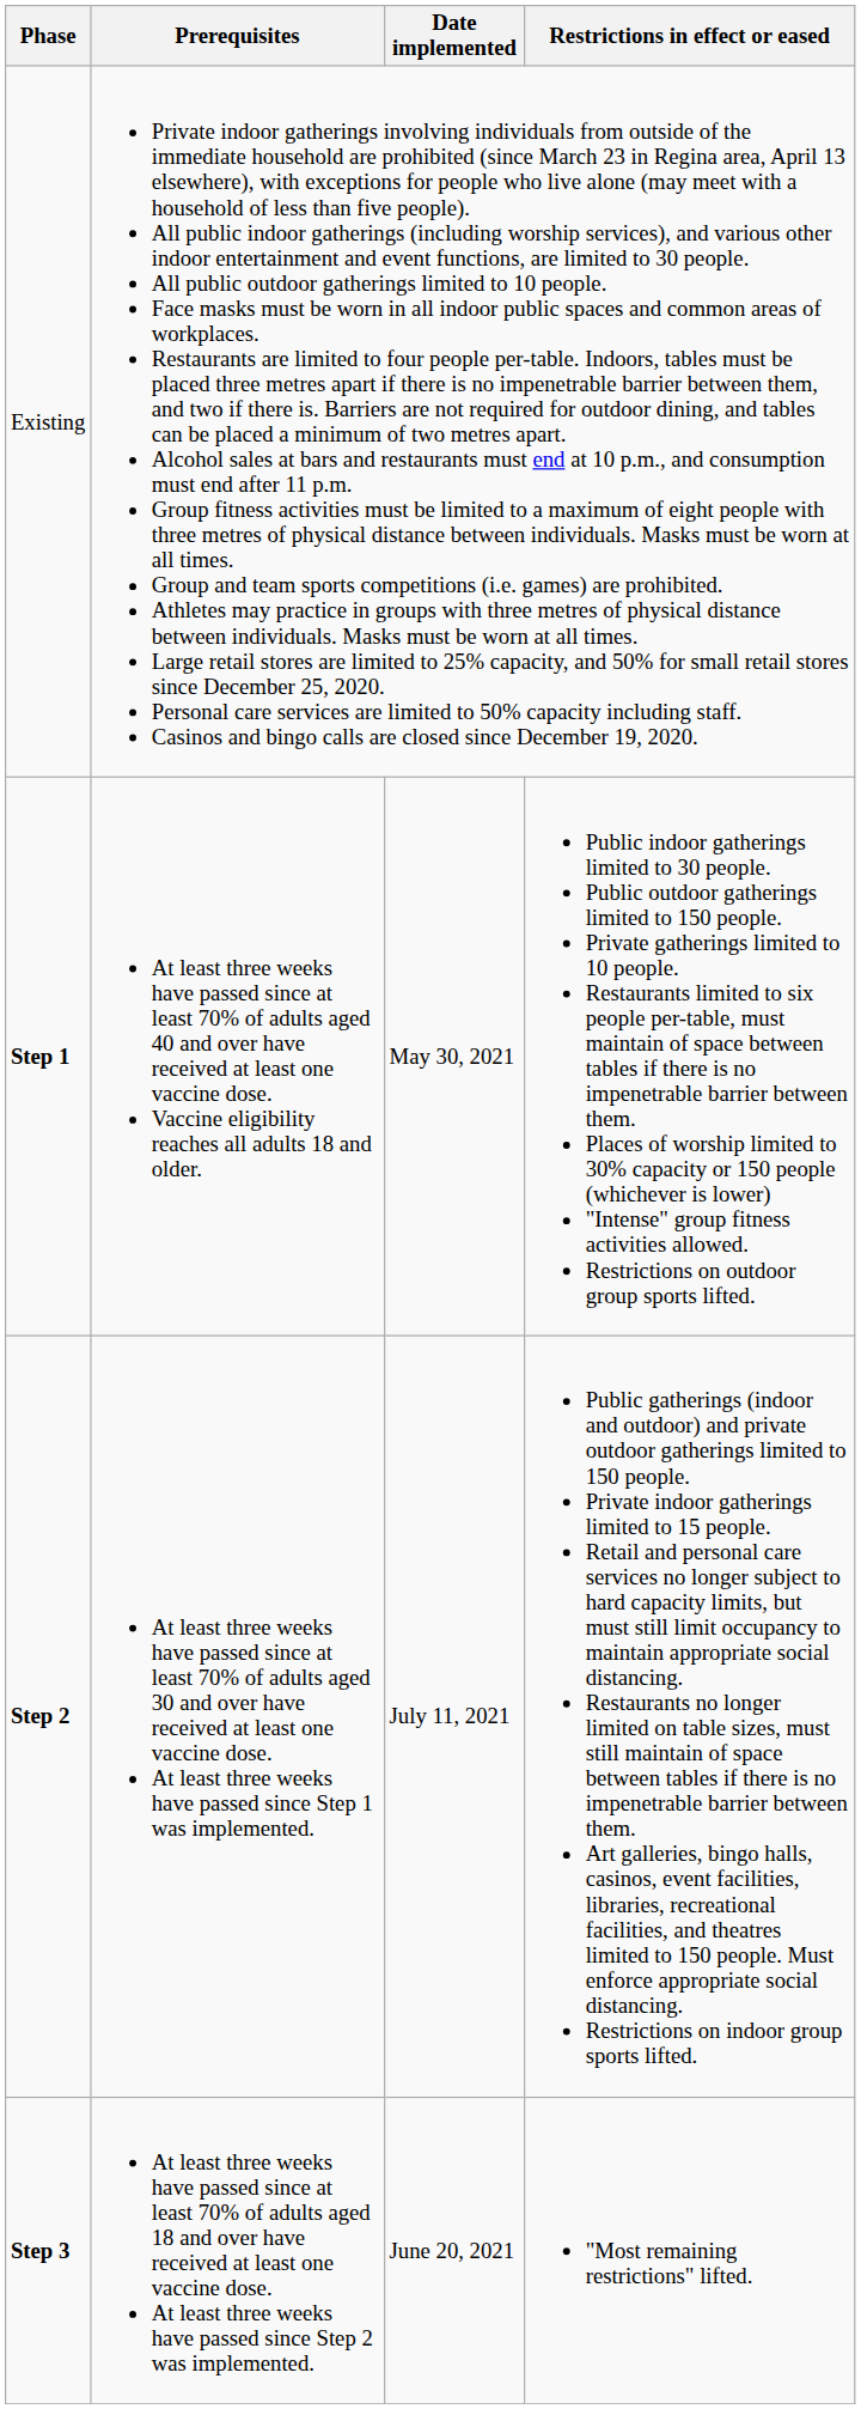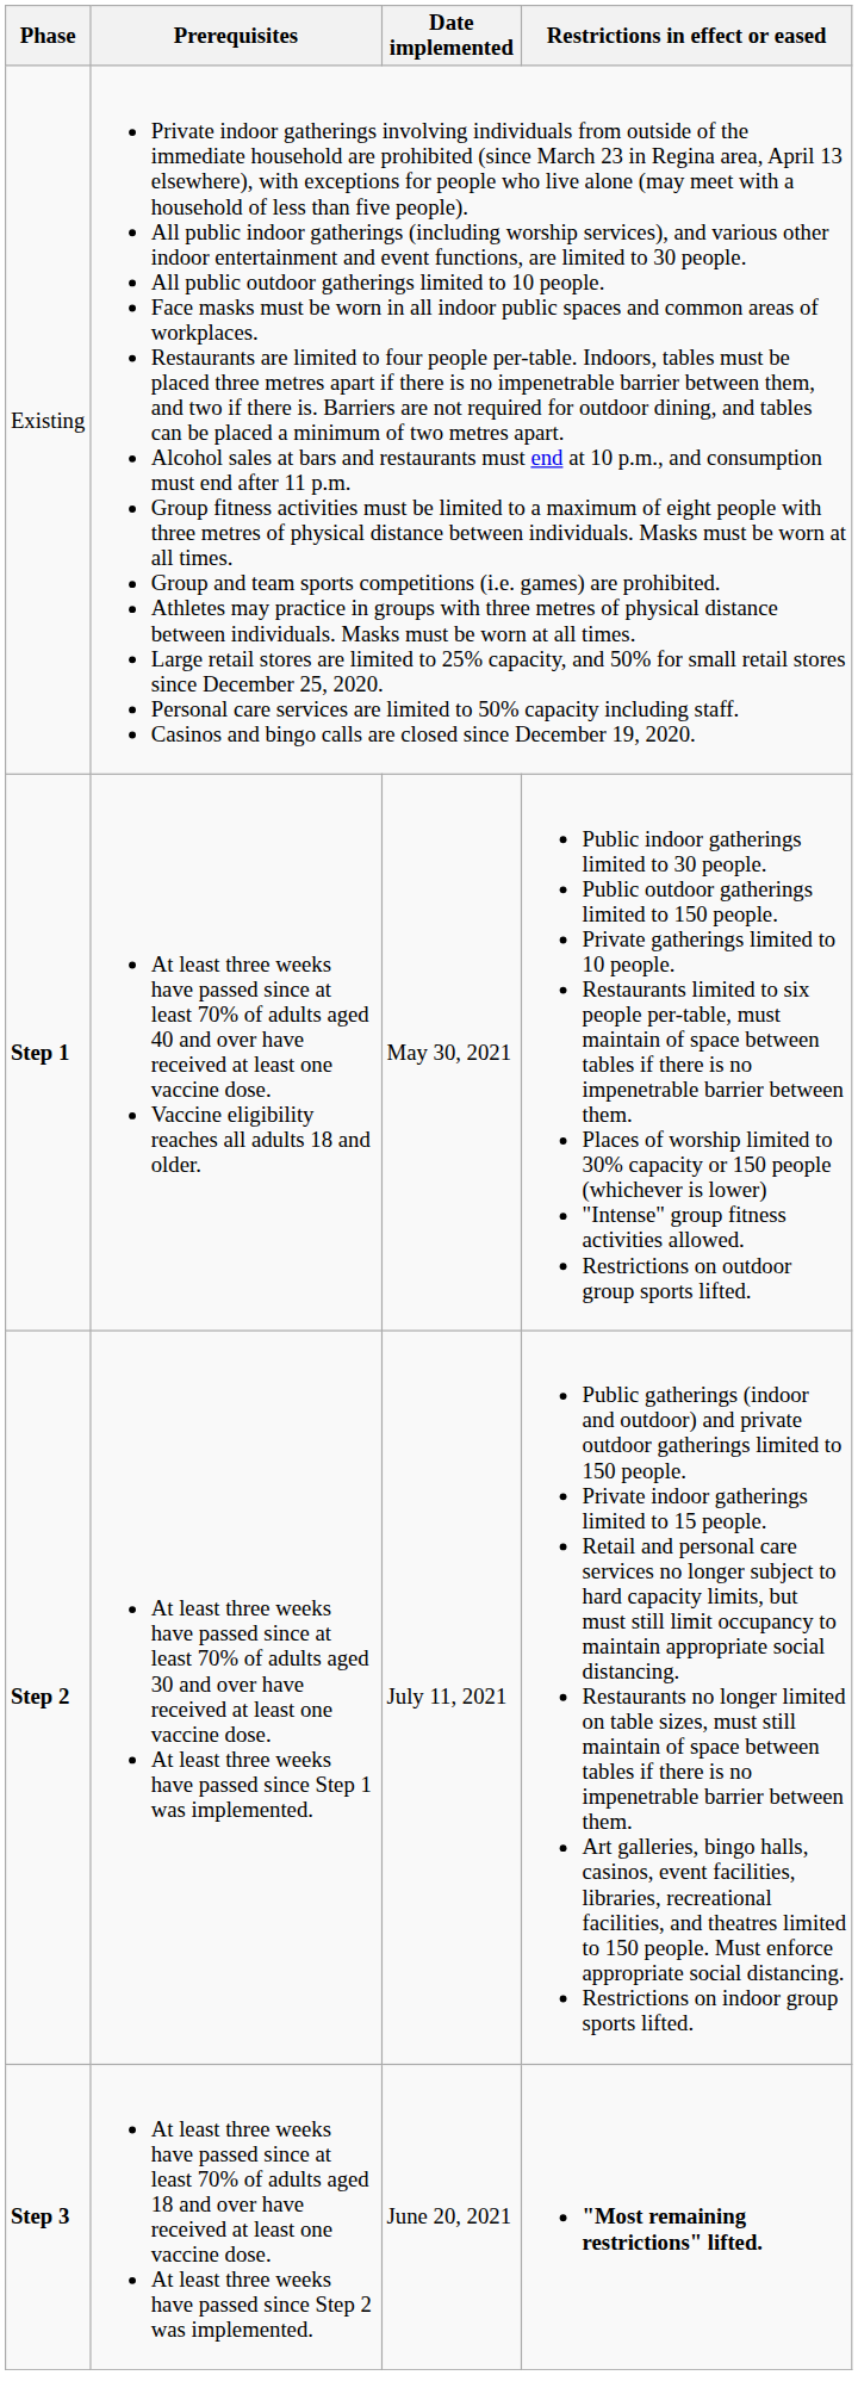 <table class="wikitable">
 <tr>
 <th>Phase</th>
 <th>Prerequisites</th>
 <th>Date implemented</th>
 <th>Restrictions in effect or eased</th>
 </tr>
 <tr>
 <td>Existing</td>
 <td colspan="3"><br><ul><li>Private indoor gatherings involving individuals from outside of the immediate household are prohibited (since March 23 in Regina area, April 13 elsewhere), with exceptions for people who live alone (may meet with a household of less than five people).</li><li>All public indoor gatherings (including worship services),  and various other indoor entertainment and event functions, are limited to 30 people.</li><li>All public outdoor gatherings limited to 10 people.</li><li>Face masks must be worn in all indoor public spaces and common areas of workplaces.</li><li>Restaurants are limited to four people per-table. Indoors, tables must be placed three metres apart if there is no impenetrable barrier between them, and two if there is. Barriers are not required for outdoor dining, and tables can be placed a minimum of two metres apart.</li><li>Alcohol sales at bars and restaurants must <a href='#'>end</a> at 10 p.m., and consumption must end after 11 p.m.</li><li>Group fitness activities must be limited to a maximum of eight people with three metres of physical distance between individuals. Masks must be worn at all times.</li><li>Group and team sports competitions (i.e. games) are prohibited.</li><li>Athletes may practice in groups with three metres of physical distance between individuals. Masks must be worn at all times.</li><li>Large retail stores are limited to 25% capacity, and 50% for small retail stores since December 25, 2020.</li><li>Personal care services are limited to 50% capacity including staff.</li><li>Casinos and bingo calls are closed since December 19, 2020.</li></ul></td>
 </tr>
 <tr>
 <td><strong>Step 1</strong></td>
 <td><br><ul><li>At least three weeks have passed since at least 70% of adults aged 40 and over have received at least one vaccine dose.</li><li>Vaccine eligibility reaches all adults 18 and older.</li></ul></td>
 <td>May 30, 2021</td>
 <td><br><ul><li>Public indoor gatherings limited to 30 people.</li><li>Public outdoor gatherings limited to 150 people.</li><li>Private gatherings limited to 10 people.</li><li>Restaurants limited to six people per-table, must maintain  of space between tables if there is no impenetrable barrier between them.</li><li>Places of worship limited to 30% capacity or 150 people (whichever is lower)</li><li>"Intense" group fitness activities allowed.</li><li>Restrictions on outdoor group sports lifted.</li></ul></td>
 </tr>
 <tr>
 <td><strong>Step 2</strong></td>
 <td><br><ul><li>At least three weeks have passed since at least 70% of adults aged 30 and over have received at least one vaccine dose.</li><li>At least three weeks have passed since Step 1 was implemented.</li></ul></td>
 <td>July 11, 2021</td>
 <td><br><ul><li>Public gatherings (indoor and outdoor) and private outdoor gatherings limited to 150 people.</li><li>Private indoor gatherings limited to 15 people.</li><li>Retail and personal care services no longer subject to hard capacity limits, but must still limit occupancy to maintain appropriate social distancing.</li><li>Restaurants no longer limited on table sizes, must still maintain  of space between tables if there is no impenetrable barrier between them.</li><li>Art galleries, bingo halls, casinos, event facilities, libraries, recreational facilities, and theatres limited to 150 people. Must enforce appropriate social distancing.</li><li>Restrictions on indoor group sports lifted.</li></ul></td>
 </tr>
 <tr>
 <td><strong>Step 3</strong></td>
 <td><br><ul><li>At least three weeks have passed since at least 70% of adults aged 18 and over have received at least one vaccine dose.</li><li>At least three weeks have passed since Step 2 was implemented.</li></ul></td>
 <td>June 20, 2021</td>
-<td><br><ul><li>"Most remaining restrictions" lifted.</li></ul></td>
+<td><strong><br><ul><li>"Most remaining restrictions" lifted.</li></ul></strong></td>
 </tr>
 </table>
